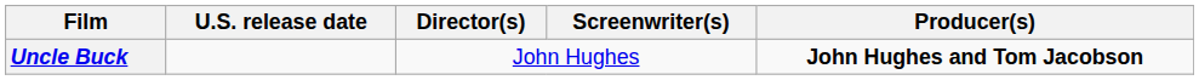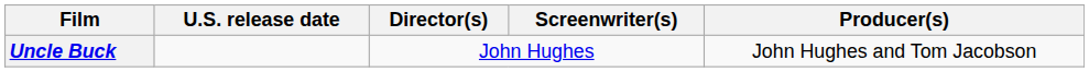 <table class="wikitable plainrowheaders"  style="text-align:center; width:100%;">
 <tr>
 <th scope="col">Film</th>
 <th scope="col">U.S. release date</th>
 <th scope="col">Director(s)</th>
 <th scope="col">Screenwriter(s)</th>
 <th scope="col">Producer(s)</th>
 </tr>
 <tr>
 <th scope="row" style="text-align:left"><em><a href='#'>Uncle Buck</a></em></th>
 <td></td>
 <td colspan="2" style="text-align:center;"><a href='#'>John Hughes</a></td>
-<td style="text-align:center;"><strong>John Hughes and Tom Jacobson</strong></td>
+<td style="text-align:center;">John Hughes and Tom Jacobson</td>
 </tr>
 </table>
